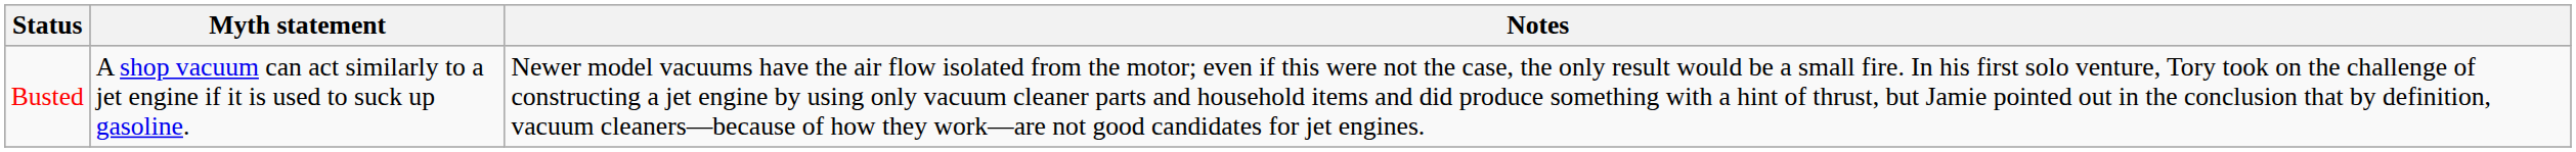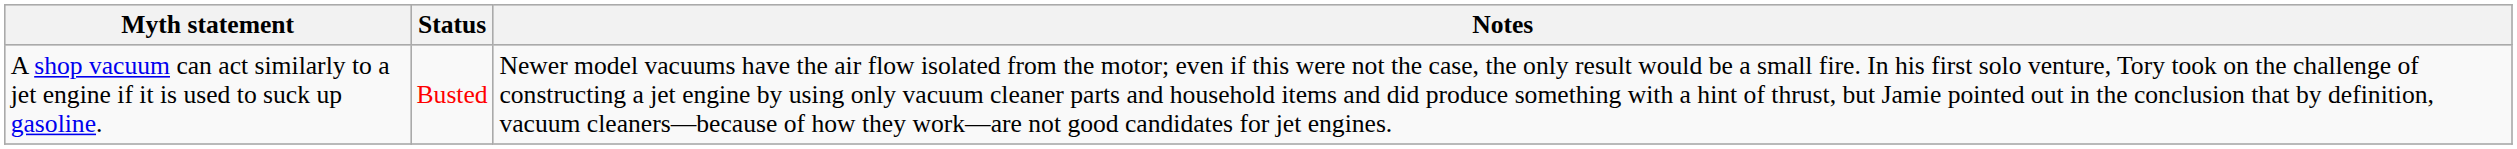 <table class="wikitable plainrowheaders">
 <tr>
+<th>Myth statement</th>
 <th>Status</th>
-<th>Myth statement</th>
 <th>Notes</th>
 </tr>
 <tr>
+<td>A <a href='#'>shop vacuum</a> can act similarly to a jet engine if it is used to suck up <a href='#'>gasoline</a>.</td>
 <td style="color:red">Busted</td>
-<td>A <a href='#'>shop vacuum</a> can act similarly to a jet engine if it is used to suck up <a href='#'>gasoline</a>.</td>
 <td>Newer model vacuums have the air flow isolated from the motor; even if this were not the case, the only result would be a small fire. In his first solo venture, Tory took on the challenge of constructing a jet engine by using only vacuum cleaner parts and household items and did produce something with a hint of thrust, but Jamie pointed out in the conclusion that by definition, vacuum cleaners—because of how they work—are not good candidates for jet engines.</td>
 </tr>
 </table>
